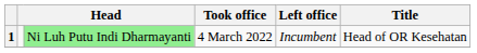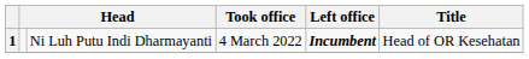 <table class="wikitable sortable">
 <tr>
 <th></th>
 <th colspan="2">Head</th>
 <th>Took office</th>
 <th>Left office</th>
 <th>Title</th>
 </tr>
 <tr>
 <th>1</th>
 <td></td>
-<td style="background: lightgreen;">Ni Luh Putu Indi Dharmayanti</td>
+<td>Ni Luh Putu Indi Dharmayanti</td>
 <td align="center">4 March 2022</td>
-<td align="center"><em>Incumbent</em></td>
+<td align="center"><strong><em>Incumbent</em></strong></td>
 <td align="center">Head of OR Kesehatan</td>
 </tr>
 <tr>
 </tr>
 </table>
